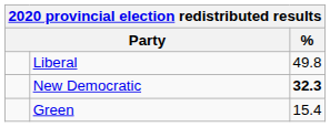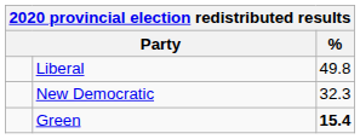 <table class="wikitable">
 <tr>
 <th colspan="4"><a href='#'>2020 provincial election</a> redistributed results</th>
 </tr>
 <tr>
 <th bgcolor="#DDDDFF" width="130px" colspan="2">Party</th>
 <th bgcolor="#DDDDFF" width="30px">%</th>
 </tr>
 <tr>
 <td> </td>
 <td><a href='#'>Liberal</a></td>
 <td align=right>49.8</td>
 </tr>
 <tr>
 <td> </td>
 <td><a href='#'>New Democratic</a></td>
-<td align=right><strong>32.3</strong></td>
+<td align=right>32.3</td>
 </tr>
 <tr>
 <td> </td>
 <td><a href='#'>Green</a></td>
-<td align=right>15.4</td>
+<td align=right><strong>15.4</strong></td>
 </tr>
 </table>
